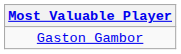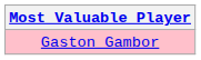 <table class=wikitable style="text-align:center; margin:auto">
 <tr>
 <th><a href='#'>Most Valuable Player</a></th>
 </tr>
 <tr>
-<td> <a href='#'>Gaston Gambor</a></td>
+<td style="background: pink;"> <a href='#'>Gaston Gambor</a></td>
 </tr>
 </table>
